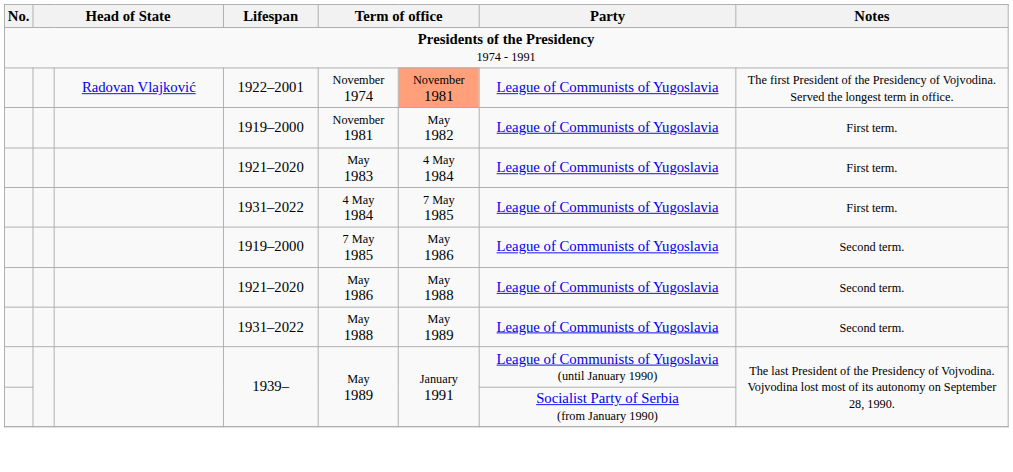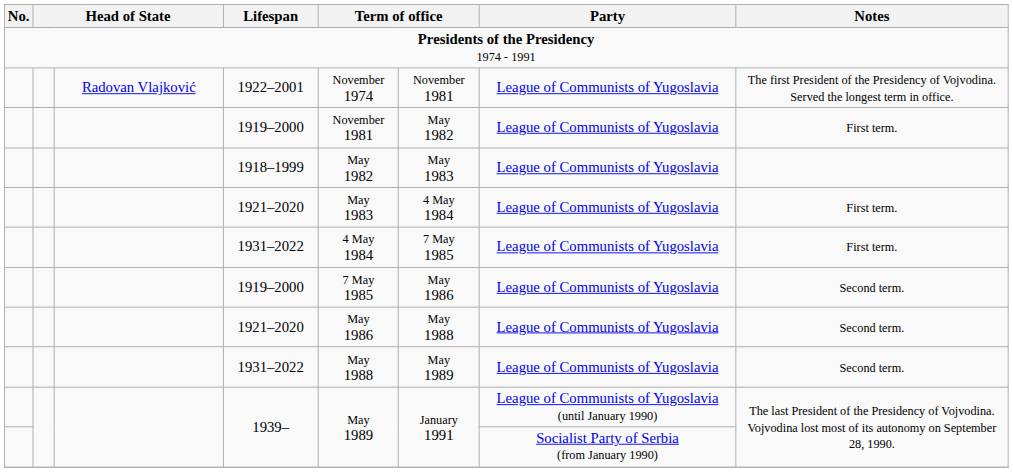 <table class="wikitable" style="text-align:center">
 <tr>
 <th>No.</th>
 <th colspan="2">Head of State</th>
 <th width="">Lifespan</th>
 <th colspan="2">Term of office</th>
 <th>Party</th>
 <th>Notes</th>
 </tr>
 <tr>
 <td align="center" colspan="8"><strong>Presidents of the Presidency</strong><br><small>1974 - 1991</small></td>
 </tr>
 <tr>
 <td style="background: "></td>
 <td style="width:1em;"></td>
 <td style="width:11em;"><a href='#'>Radovan Vlajković</a></td>
 <td style="width:6em;">1922–2001</td>
 <td style="width:5em;"><small>November</small><br>1974</td>
-<td style="background: lightsalmon; width:5em;"><small>November</small><br>1981</td>
+<td style="width:5em;"><small>November</small><br>1981</td>
 <td style="width:17em;"><a href='#'>League of Communists of Yugoslavia</a></td>
 <td style="width:18em;"><small>The first President of the Presidency of Vojvodina. Served the longest term in office.</small></td>
 </tr>
 <tr>
 <td style="background: "></td>
 <td style="width:1em;"></td>
 <td style="width:11em;"></td>
 <td style="width:6em;">1919–2000</td>
 <td style="width:5em;"><small>November</small><br>1981</td>
 <td style="width:5em;"><small>May</small><br>1982</td>
 <td style="width:17em;"><a href='#'>League of Communists of Yugoslavia</a></td>
 <td style="width:18em;"><small>First term.</small></td>
+</tr>
+<tr>
+<td style="background: "></td>
+<td style="width:1em;"></td>
+<td style="width:11em;"></td>
+<td style="width:6em;">1918–1999</td>
+<td style="width:5em;"><small>May</small><br>1982</td>
+<td style="width:5em;"><small>May</small><br>1983</td>
+<td style="width:17em;"><a href='#'>League of Communists of Yugoslavia</a></td>
+<td style="width:18em;"></td>
 </tr>
 <tr>
 <td style="background: "></td>
 <td style="width:1em;"></td>
 <td style="width:11em;"></td>
 <td style="width:6em;">1921–2020</td>
 <td style="width:5em;"><small>May</small><br>1983</td>
 <td style="width:5em;"><small>4 May</small><br>1984</td>
 <td style="width:17em;"><a href='#'>League of Communists of Yugoslavia</a></td>
 <td style="width:18em;"><small>First term.</small></td>
 </tr>
 <tr>
 <td style="background: "></td>
 <td style="width:1em;"></td>
 <td style="width:11em;"></td>
 <td style="width:6em;">1931–2022</td>
 <td style="width:5em;"><small>4 May</small><br>1984</td>
 <td style="width:5em;"><small>7 May</small><br>1985</td>
 <td style="width:17em;"><a href='#'>League of Communists of Yugoslavia</a></td>
 <td style="width:18em;"><small>First term.</small></td>
 </tr>
 <tr>
 <td style="background: "></td>
 <td style="width:1em;"></td>
 <td style="width:11em;"></td>
 <td style="width:6em;">1919–2000</td>
 <td style="width:5em;"><small>7 May</small><br>1985</td>
 <td style="width:5em;"><small>May</small><br>1986</td>
 <td style="width:17em;"><a href='#'>League of Communists of Yugoslavia</a></td>
 <td style="width:18em;"><small>Second term.</small></td>
 </tr>
 <tr>
 <td style="background: "></td>
 <td style="width:1em;"></td>
 <td style="width:11em;"></td>
 <td style="width:6em;">1921–2020</td>
 <td style="width:5em;"><small>May</small><br>1986</td>
 <td style="width:5em;"><small>May</small><br>1988</td>
 <td style="width:17em;"><a href='#'>League of Communists of Yugoslavia</a></td>
 <td style="width:18em;"><small>Second term.</small></td>
 </tr>
 <tr>
 <td style="background: "></td>
 <td style="width:1em;"></td>
 <td style="width:11em;"></td>
 <td style="width:6em;">1931–2022</td>
 <td style="width:5em;"><small>May</small><br>1988</td>
 <td style="width:5em;"><small>May</small><br>1989</td>
 <td style="width:17em;"><a href='#'>League of Communists of Yugoslavia</a></td>
 <td style="width:18em;"><small>Second term.</small></td>
 </tr>
 <tr>
 <td style="background: "></td>
 <td style="width:1em;" rowspan="2"></td>
 <td style="width:11em;" rowspan="2"></td>
 <td style="width:6em;" rowspan="2">1939–</td>
 <td style="width:5em;" rowspan="2"><small>May</small><br>1989</td>
 <td style="width:5em;" rowspan="2"><small>January</small><br>1991</td>
 <td style="width:17em;"><a href='#'>League of Communists of Yugoslavia</a><br><small>(until January 1990)</small></td>
 <td style="width:18em;" rowspan="2"><small>The last President of the Presidency of Vojvodina. Vojvodina lost most of its autonomy on September 28, 1990.</small></td>
 </tr>
 <tr>
 <td style="background: "></td>
 <td style="width:17em;"><a href='#'>Socialist Party of Serbia</a><br><small>(from January 1990)</small></td>
 </tr>
 <tr>
 </tr>
 </table>
